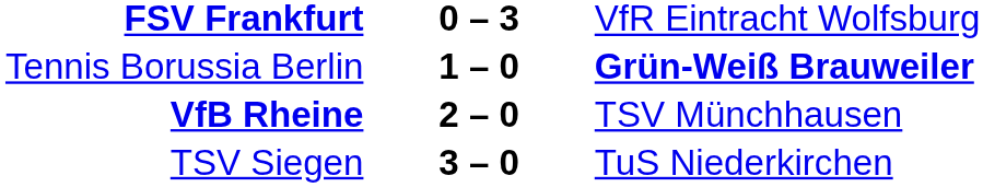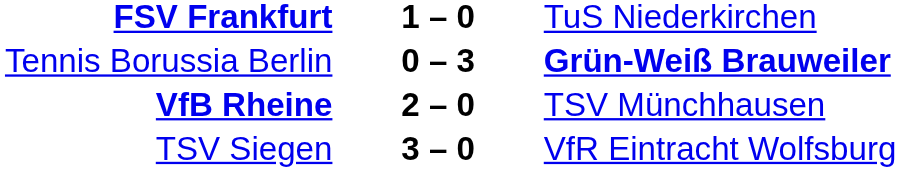 <table width=100% cellspacing=1>
 <tr>
 <th width=25%></th>
 <th width=10%></th>
 <th width=25%></th>
 <th></th>
 </tr>
 <tr style=font-size:90%>
 <td align=right><strong><a href='#'>FSV Frankfurt</a></strong></td>
-<td align=center><strong>0 – 3</strong></td>
-<td><a href='#'>VfR Eintracht Wolfsburg</a></td>
+<td align=center><strong>1 – 0</strong></td>
+<td><a href='#'>TuS Niederkirchen</a></td>
 </tr>
 <tr style=font-size:90%>
 <td align=right><a href='#'>Tennis Borussia Berlin</a></td>
-<td align=center><strong>1 – 0</strong></td>
+<td align=center><strong>0 – 3</strong></td>
 <td><strong><a href='#'>Grün-Weiß Brauweiler</a></strong></td>
 </tr>
 <tr style=font-size:90%>
 <td align=right><strong><a href='#'>VfB Rheine</a></strong></td>
 <td align=center><strong>2 – 0</strong></td>
 <td><a href='#'>TSV Münchhausen</a></td>
 </tr>
 <tr style=font-size:90%>
 <td align=right><a href='#'>TSV Siegen</a></td>
 <td align=center><strong>3 – 0</strong></td>
-<td><a href='#'>TuS Niederkirchen</a></td>
+<td><a href='#'>VfR Eintracht Wolfsburg</a></td>
 </tr>
 </table>
